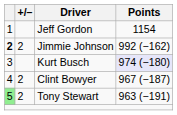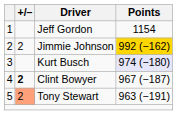 <table class="wikitable ">
 <tr>
 <th scope="col"></th>
 <th scope="col">+/–</th>
 <th scope="col">Driver</th>
 <th scope="col">Points</th>
 </tr>
 <tr>
 <td>1</td>
 <td align="left"></td>
 <td>Jeff Gordon</td>
 <td style="text-align:center;">1154</td>
 </tr>
 <tr>
-<td><strong>2</strong></td>
+<td>2</td>
 <td align="left"> 2</td>
 <td>Jimmie Johnson</td>
-<td style="text-align:center;">992 (−162)</td>
+<td style="background: gold; text-align:center;">992 (−162)</td>
 </tr>
 <tr>
 <td>3</td>
 <td align="left"></td>
 <td>Kurt Busch</td>
 <td style="background: lavender; text-align:center;">974 (−180)</td>
 </tr>
 <tr>
 <td>4</td>
-<td align="left"> 2</td>
+<td align="left"><strong> 2</strong></td>
 <td>Clint Bowyer</td>
 <td style="text-align:center;">967 (−187)</td>
 </tr>
 <tr>
-<td style="background: lightgreen;">5</td>
-<td align="left"> 2</td>
+<td>5</td>
+<td align="left" style="background: lightsalmon;"> 2</td>
 <td>Tony Stewart</td>
 <td style="text-align:center;">963 (−191)</td>
 </tr>
 <tr class="sortbottom">
 <td colspan="9"></td>
 </tr>
 </table>
